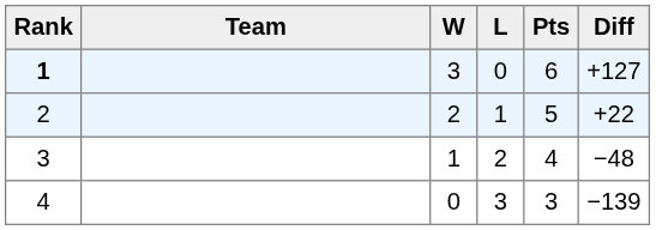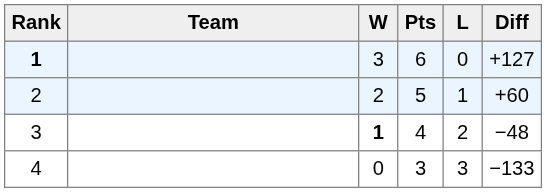 <table style=border-collapse:collapse border=1 cellspacing=0 cellpadding=5>
 <tr align=center bgcolor=#efefef>
 <th width=20>Rank</th>
 <th width=220>Team</th>
 <th width=20>W</th>
+<th width=20>Pts</th>
 <th width=20>L</th>
-<th width=20>Pts</th>
 <th width=25>Diff</th>
 </tr>
 <tr align=center bgcolor=#EBF5FF>
 <td><strong>1</strong></td>
 <td align=left></td>
 <td>3</td>
+<td>6</td>
 <td>0</td>
-<td>6</td>
 <td>+127</td>
 </tr>
 <tr align=center bgcolor=#EBF5FF>
 <td>2</td>
 <td align=left></td>
 <td>2</td>
+<td>5</td>
 <td>1</td>
-<td>5</td>
-<td>+22</td>
+<td>+60</td>
 </tr>
 <tr align=center>
 <td>3</td>
 <td align=left></td>
-<td>1</td>
+<td><strong>1</strong></td>
+<td>4</td>
 <td>2</td>
-<td>4</td>
 <td>−48</td>
 </tr>
 <tr align=center>
 <td>4</td>
 <td align=left></td>
 <td>0</td>
 <td>3</td>
 <td>3</td>
-<td>−139</td>
+<td>−133</td>
 </tr>
 </table>
